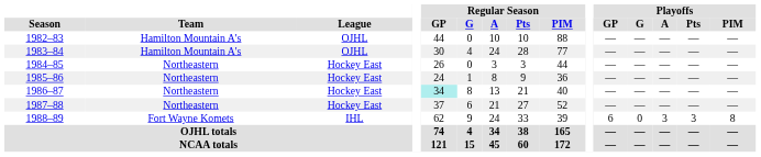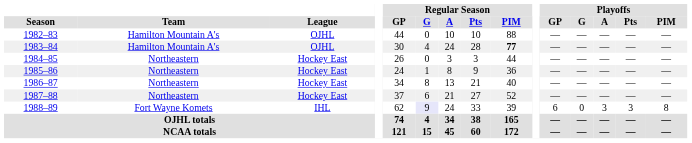 <table border="0" cellpadding="1" cellspacing="0" style="text-align:center; width:70em">
 <tr bgcolor="#e0e0e0">
 <th colspan="3"  bgcolor="#ffffff"> </th>
 <th rowspan="99" bgcolor="#ffffff"> </th>
 <th colspan="5">Regular Season</th>
 <th rowspan="99" bgcolor="#ffffff"> </th>
 <th colspan="5">Playoffs</th>
 </tr>
 <tr bgcolor="#e0e0e0">
 <th>Season</th>
 <th>Team</th>
 <th>League</th>
 <th>GP</th>
 <th><a href='#'>G</a></th>
 <th><a href='#'>A</a></th>
 <th><a href='#'>Pts</a></th>
 <th><a href='#'>PIM</a></th>
 <th>GP</th>
 <th>G</th>
 <th>A</th>
 <th>Pts</th>
 <th>PIM</th>
 </tr>
 <tr>
 <td><a href='#'>1982–83</a></td>
 <td><a href='#'>Hamilton Mountain A's</a></td>
 <td><a href='#'>OJHL</a></td>
 <td>44</td>
 <td>0</td>
 <td>10</td>
 <td>10</td>
 <td>88</td>
 <td>—</td>
 <td>—</td>
 <td>—</td>
 <td>—</td>
 <td>—</td>
 </tr>
 <tr bgcolor="f0f0f0">
 <td><a href='#'>1983–84</a></td>
 <td><a href='#'>Hamilton Mountain A's</a></td>
 <td><a href='#'>OJHL</a></td>
 <td>30</td>
 <td>4</td>
 <td>24</td>
 <td>28</td>
-<td>77</td>
+<td><strong>77</strong></td>
 <td>—</td>
 <td>—</td>
 <td>—</td>
 <td>—</td>
 <td>—</td>
 </tr>
 <tr>
 <td><a href='#'>1984–85</a></td>
 <td><a href='#'>Northeastern</a></td>
 <td><a href='#'>Hockey East</a></td>
 <td>26</td>
 <td>0</td>
 <td>3</td>
 <td>3</td>
 <td>44</td>
 <td>—</td>
 <td>—</td>
 <td>—</td>
 <td>—</td>
 <td>—</td>
 </tr>
 <tr bgcolor="f0f0f0">
 <td><a href='#'>1985–86</a></td>
 <td><a href='#'>Northeastern</a></td>
 <td><a href='#'>Hockey East</a></td>
 <td>24</td>
 <td>1</td>
 <td>8</td>
 <td>9</td>
 <td>36</td>
 <td>—</td>
 <td>—</td>
 <td>—</td>
 <td>—</td>
 <td>—</td>
 </tr>
 <tr>
 <td><a href='#'>1986–87</a></td>
 <td><a href='#'>Northeastern</a></td>
 <td><a href='#'>Hockey East</a></td>
-<td style="background: paleturquoise;">34</td>
+<td>34</td>
 <td>8</td>
 <td>13</td>
 <td>21</td>
 <td>40</td>
 <td>—</td>
 <td>—</td>
 <td>—</td>
 <td>—</td>
 <td>—</td>
 </tr>
 <tr bgcolor="f0f0f0">
 <td><a href='#'>1987–88</a></td>
 <td><a href='#'>Northeastern</a></td>
 <td><a href='#'>Hockey East</a></td>
 <td>37</td>
 <td>6</td>
 <td>21</td>
 <td>27</td>
 <td>52</td>
 <td>—</td>
 <td>—</td>
 <td>—</td>
 <td>—</td>
 <td>—</td>
 </tr>
 <tr>
 <td><a href='#'>1988–89</a></td>
 <td><a href='#'>Fort Wayne Komets</a></td>
 <td><a href='#'>IHL</a></td>
 <td>62</td>
-<td>9</td>
+<td style="background: lavender;">9</td>
 <td>24</td>
 <td>33</td>
 <td>39</td>
 <td>6</td>
 <td>0</td>
 <td>3</td>
 <td>3</td>
 <td>8</td>
 </tr>
 <tr bgcolor="#e0e0e0">
 <th colspan="3">OJHL totals</th>
 <th>74</th>
 <th>4</th>
 <th>34</th>
 <th>38</th>
 <th>165</th>
 <th>—</th>
 <th>—</th>
 <th>—</th>
 <th>—</th>
 <th>—</th>
 </tr>
 <tr bgcolor="#e0e0e0">
 <th colspan="3">NCAA totals</th>
 <th>121</th>
 <th>15</th>
 <th>45</th>
 <th>60</th>
 <th>172</th>
 <th>—</th>
 <th>—</th>
 <th>—</th>
 <th>—</th>
 <th>—</th>
 </tr>
 </table>
